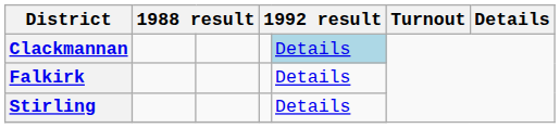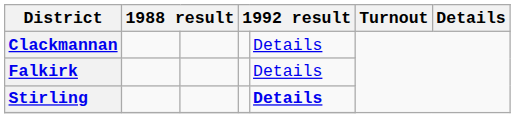 <table class="wikitable">
 <tr>
 <th scope="col">District</th>
 <th scope="col"  colspan="2">1988 result</th>
 <th scope="col" colspan="2">1992 result</th>
 <th scope="col">Turnout</th>
 <th scope="col">Details</th>
 </tr>
 <tr>
 <th scope="row" style="text-align: left;"><a href='#'>Clackmannan</a></th>
 <td></td>
 <td></td>
 <td></td>
-<td style="background: lightblue;"><a href='#'>Details</a></td>
+<td><a href='#'>Details</a></td>
 </tr>
 <tr>
 <th scope="row" style="text-align: left;"><a href='#'>Falkirk</a></th>
 <td></td>
 <td></td>
 <td></td>
 <td><a href='#'>Details</a></td>
 </tr>
 <tr>
 <th scope="row" style="text-align: left;"><a href='#'>Stirling</a></th>
 <td></td>
 <td></td>
 <td></td>
-<td><a href='#'>Details</a></td>
+<td><strong><a href='#'>Details</a></strong></td>
 </tr>
 <tr>
 </tr>
 </table>
